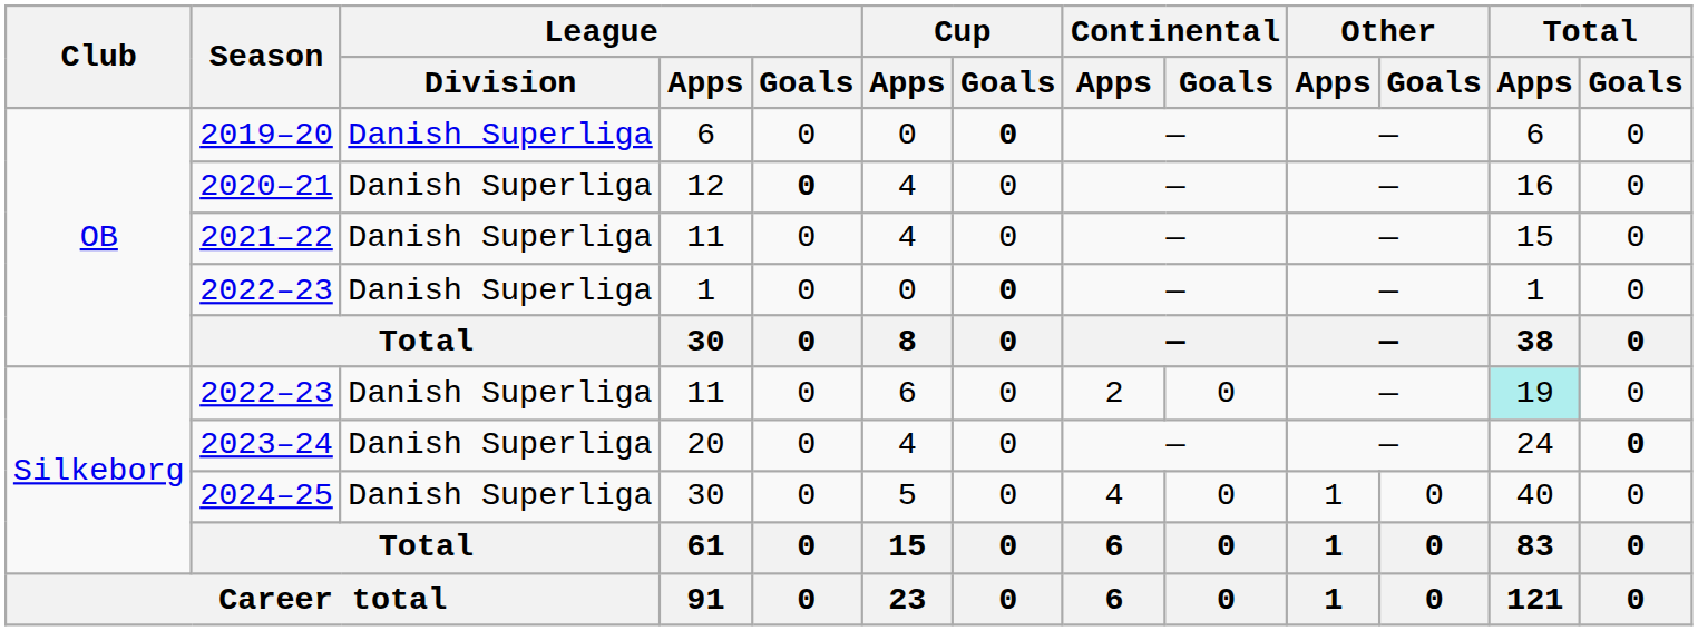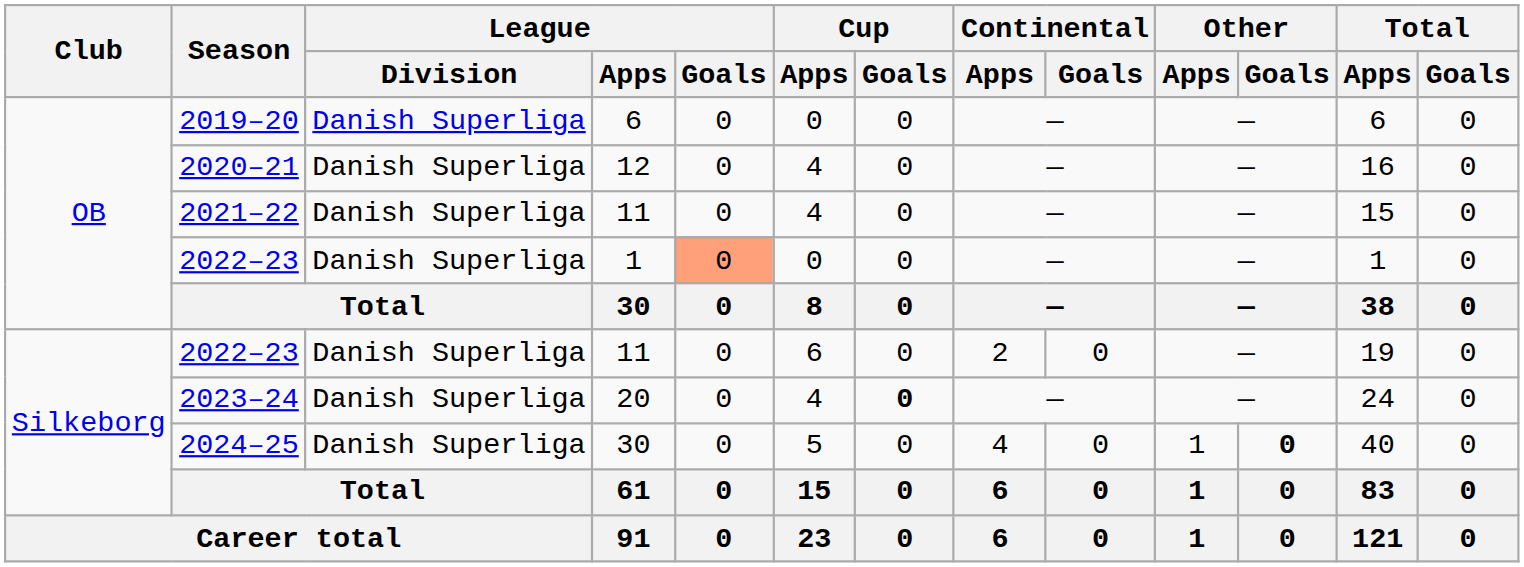 <table class="wikitable" style="text-align: center">
 <tr>
 <th rowspan="2">Club</th>
 <th rowspan="2">Season</th>
 <th colspan="3">League</th>
 <th colspan="2">Cup</th>
 <th colspan="2">Continental</th>
 <th colspan="2">Other</th>
 <th colspan="2">Total</th>
 </tr>
 <tr>
 <th>Division</th>
 <th>Apps</th>
 <th>Goals</th>
 <th>Apps</th>
 <th>Goals</th>
 <th>Apps</th>
 <th>Goals</th>
 <th>Apps</th>
 <th>Goals</th>
 <th>Apps</th>
 <th>Goals</th>
 </tr>
 <tr>
 <td rowspan="5"><a href='#'>OB</a></td>
 <td><a href='#'>2019–20</a></td>
 <td><a href='#'>Danish Superliga</a></td>
 <td>6</td>
 <td>0</td>
 <td>0</td>
-<td><strong>0</strong></td>
+<td>0</td>
 <td colspan="2">—</td>
 <td colspan="2">—</td>
 <td>6</td>
 <td>0</td>
 </tr>
 <tr>
 <td><a href='#'>2020–21</a></td>
 <td>Danish Superliga</td>
 <td>12</td>
-<td><strong>0</strong></td>
+<td>0</td>
 <td>4</td>
 <td>0</td>
 <td colspan="2">—</td>
 <td colspan="2">—</td>
 <td>16</td>
 <td>0</td>
 </tr>
 <tr>
 <td><a href='#'>2021–22</a></td>
 <td>Danish Superliga</td>
 <td>11</td>
 <td>0</td>
 <td>4</td>
 <td>0</td>
 <td colspan="2">—</td>
 <td colspan="2">—</td>
 <td>15</td>
 <td>0</td>
 </tr>
 <tr>
 <td><a href='#'>2022–23</a></td>
 <td>Danish Superliga</td>
 <td>1</td>
+<td style="background: lightsalmon;">0</td>
 <td>0</td>
 <td>0</td>
-<td><strong>0</strong></td>
 <td colspan="2">—</td>
 <td colspan="2">—</td>
 <td>1</td>
 <td>0</td>
 </tr>
 <tr>
 <th colspan="2">Total</th>
 <th>30</th>
 <th>0</th>
 <th>8</th>
 <th>0</th>
 <th colspan="2">—</th>
 <th colspan="2">—</th>
 <th>38</th>
 <th>0</th>
 </tr>
 <tr>
 <td rowspan="4"><a href='#'>Silkeborg</a></td>
 <td><a href='#'>2022–23</a></td>
 <td>Danish Superliga</td>
 <td>11</td>
 <td>0</td>
 <td>6</td>
 <td>0</td>
 <td>2</td>
 <td>0</td>
 <td colspan="2">—</td>
-<td style="background: paleturquoise;">19</td>
+<td>19</td>
 <td>0</td>
 </tr>
 <tr>
 <td><a href='#'>2023–24</a></td>
 <td>Danish Superliga</td>
 <td>20</td>
 <td>0</td>
 <td>4</td>
-<td>0</td>
+<td><strong>0</strong></td>
 <td colspan="2">—</td>
 <td colspan="2">—</td>
 <td>24</td>
-<td><strong>0</strong></td>
+<td>0</td>
 </tr>
 <tr>
 <td><a href='#'>2024–25</a></td>
 <td>Danish Superliga</td>
 <td>30</td>
 <td>0</td>
 <td>5</td>
 <td>0</td>
 <td>4</td>
 <td>0</td>
 <td>1</td>
-<td>0</td>
+<td><strong>0</strong></td>
 <td>40</td>
 <td>0</td>
 </tr>
 <tr>
 <th colspan="2">Total</th>
 <th>61</th>
 <th>0</th>
 <th>15</th>
 <th>0</th>
 <th>6</th>
 <th>0</th>
 <th>1</th>
 <th>0</th>
 <th>83</th>
 <th>0</th>
 </tr>
 <tr>
 <th colspan="3">Career total</th>
 <th>91</th>
 <th>0</th>
 <th>23</th>
 <th>0</th>
 <th>6</th>
 <th>0</th>
 <th>1</th>
 <th>0</th>
 <th>121</th>
 <th>0</th>
 </tr>
 </table>
